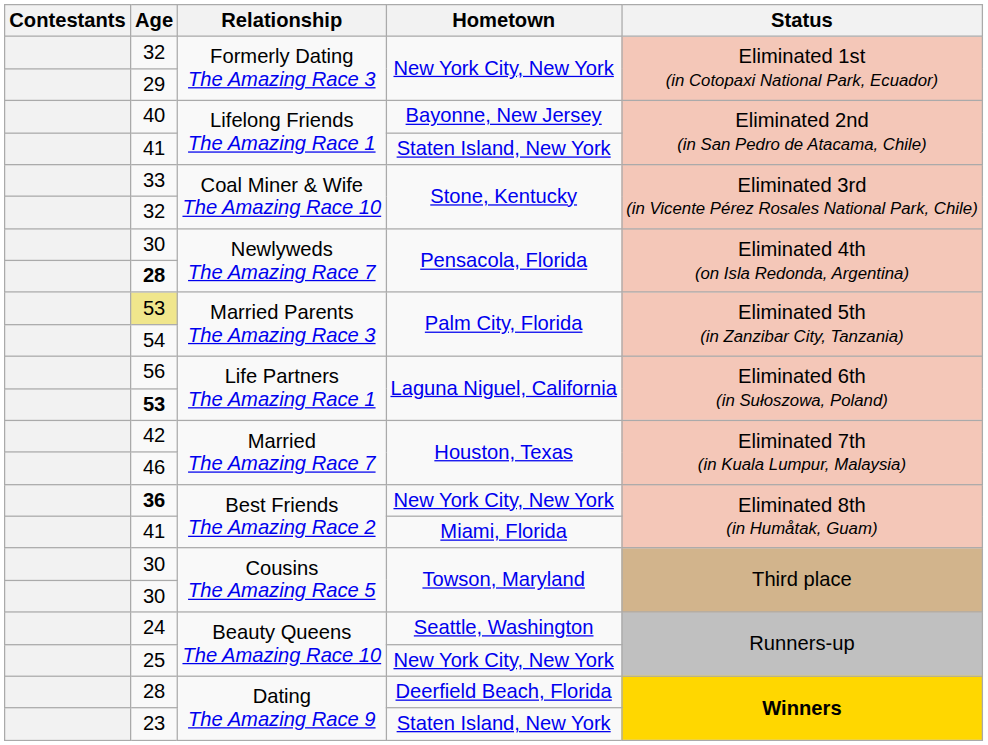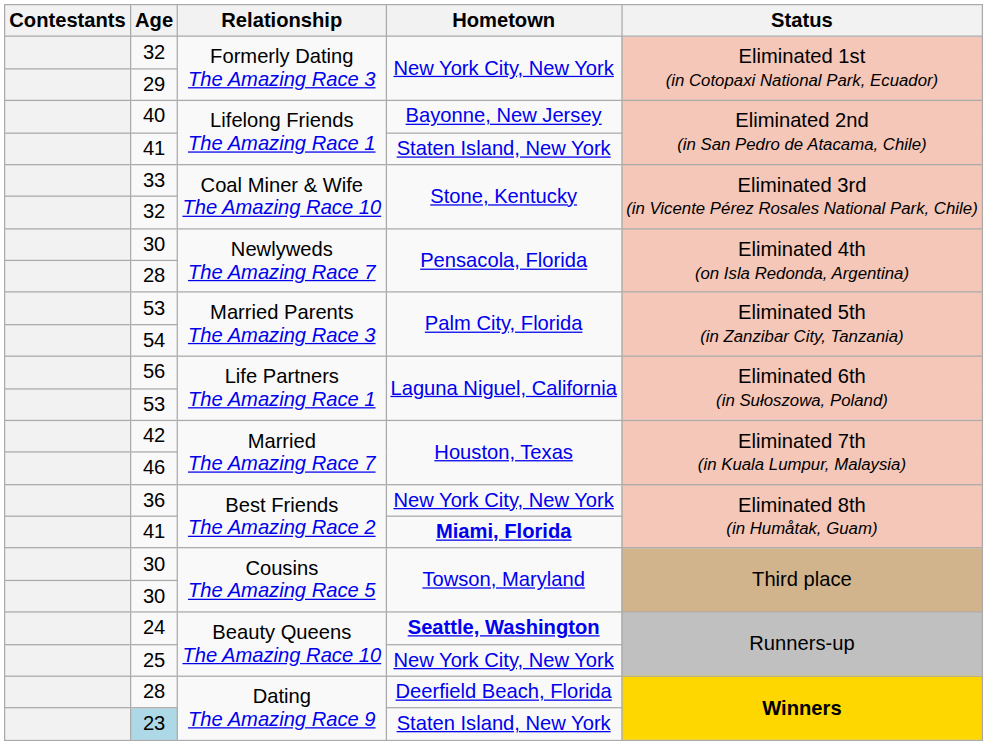 <table class="wikitable sortable" style="text-align:center;">
 <tr>
 <th scope="col">Contestants</th>
 <th scope="col">Age</th>
 <th scope="col" class="unsortable">Relationship</th>
 <th class="unsortable" scope="col">Hometown</th>
 <th scope="col">Status</th>
 </tr>
 <tr>
 <th scope="row"></th>
 <td>32</td>
 <td rowspan="2">Formerly Dating<br><em><a href='#'>The Amazing Race 3</a></em></td>
 <td rowspan="2"><a href='#'>New York City, New York</a></td>
 <td rowspan="2" bgcolor="f4c7b8">Eliminated 1st<br><small><em>(in Cotopaxi National Park, Ecuador)</em></small></td>
 </tr>
 <tr>
 <th scope="row"></th>
 <td>29</td>
 </tr>
 <tr>
 <th scope="row"></th>
 <td>40</td>
 <td rowspan="2">Lifelong Friends<br><em><a href='#'>The Amazing Race 1</a></em></td>
 <td><a href='#'>Bayonne, New Jersey</a></td>
 <td rowspan="2" bgcolor="f4c7b8">Eliminated 2nd<br><small><em>(in San Pedro de Atacama, Chile)</em></small></td>
 </tr>
 <tr>
 <th scope="row"></th>
 <td>41</td>
 <td><a href='#'>Staten Island, New York</a></td>
 </tr>
 <tr>
 <th scope="row"></th>
 <td>33</td>
 <td rowspan="2">Coal Miner & Wife<br><em><a href='#'>The Amazing Race 10</a></em></td>
 <td rowspan="2"><a href='#'>Stone, Kentucky</a></td>
 <td rowspan="2" bgcolor="f4c7b8">Eliminated 3rd<br><small><em>(in Vicente Pérez Rosales National Park, Chile)</em></small></td>
 </tr>
 <tr>
 <th scope="row"></th>
 <td>32</td>
 </tr>
 <tr>
 <th scope="row"></th>
 <td>30</td>
 <td rowspan="2">Newlyweds<br><em><a href='#'>The Amazing Race 7</a></em></td>
 <td rowspan="2"><a href='#'>Pensacola, Florida</a></td>
 <td rowspan="2" bgcolor="f4c7b8">Eliminated 4th<br><small><em>(on Isla Redonda, Argentina)</em></small></td>
 </tr>
 <tr>
 <th scope="row"></th>
-<td><strong>28</strong></td>
+<td>28</td>
 </tr>
 <tr>
 <th scope="row"></th>
-<td style="background: khaki;">53</td>
+<td>53</td>
 <td rowspan="2">Married Parents<br><em><a href='#'>The Amazing Race 3</a></em></td>
 <td rowspan="2"><a href='#'>Palm City, Florida</a></td>
 <td rowspan="2" bgcolor="f4c7b8">Eliminated 5th<br><small><em>(in Zanzibar City, Tanzania)</em></small></td>
 </tr>
 <tr>
 <th scope="row"></th>
 <td>54</td>
 </tr>
 <tr>
 <th scope="row"></th>
 <td>56</td>
 <td rowspan="2">Life Partners<br><em><a href='#'>The Amazing Race 1</a></em></td>
 <td rowspan="2"><a href='#'>Laguna Niguel, California</a></td>
 <td rowspan="2" bgcolor="f4c7b8">Eliminated 6th<br><small><em>(in Sułoszowa, Poland)</em></small></td>
 </tr>
 <tr>
 <th scope="row"></th>
-<td><strong>53</strong></td>
+<td>53</td>
 </tr>
 <tr>
 <th scope="row"></th>
 <td>42</td>
 <td rowspan="2">Married<br><em><a href='#'>The Amazing Race 7</a></em></td>
 <td rowspan="2"><a href='#'>Houston, Texas</a></td>
 <td rowspan="2" bgcolor="f4c7b8">Eliminated 7th<br><small><em>(in Kuala Lumpur, Malaysia)</em></small></td>
 </tr>
 <tr>
 <th scope="row"></th>
 <td>46</td>
 </tr>
 <tr>
 <th scope="row"></th>
-<td><strong>36</strong></td>
+<td>36</td>
 <td rowspan="2">Best Friends<br><em><a href='#'>The Amazing Race 2</a></em></td>
 <td><a href='#'>New York City, New York</a></td>
 <td rowspan="2" bgcolor="f4c7b8">Eliminated 8th<br><small><em>(in Humåtak, Guam)</em></small></td>
 </tr>
 <tr>
 <th scope="row"></th>
 <td>41</td>
-<td><a href='#'>Miami, Florida</a></td>
+<td><strong><a href='#'>Miami, Florida</a></strong></td>
 </tr>
 <tr>
 <th scope="row"></th>
 <td>30</td>
 <td rowspan="2">Cousins<br><em><a href='#'>The Amazing Race 5</a></em></td>
 <td rowspan="2"><a href='#'>Towson, Maryland</a></td>
 <td rowspan="2" bgcolor="tan">Third place</td>
 </tr>
 <tr>
 <th scope="row"></th>
 <td>30</td>
 </tr>
 <tr>
 <th scope="row"></th>
 <td>24</td>
 <td rowspan="2">Beauty Queens<br><em><a href='#'>The Amazing Race 10</a></em></td>
-<td><a href='#'>Seattle, Washington</a></td>
+<td><strong><a href='#'>Seattle, Washington</a></strong></td>
 <td rowspan="2" bgcolor="silver">Runners-up</td>
 </tr>
 <tr>
 <th scope="row"></th>
 <td>25</td>
 <td><a href='#'>New York City, New York</a></td>
 </tr>
 <tr>
 <th scope="row"></th>
 <td>28</td>
 <td rowspan="2">Dating<br><em><a href='#'>The Amazing Race 9</a></em></td>
 <td><a href='#'>Deerfield Beach, Florida</a></td>
 <td rowspan="2" bgcolor="gold"><strong>Winners</strong></td>
 </tr>
 <tr>
 <th scope="row"></th>
-<td>23</td>
+<td style="background: lightblue;">23</td>
 <td><a href='#'>Staten Island, New York</a></td>
 </tr>
 </table>
